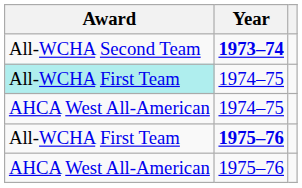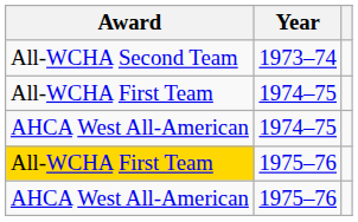 <table class="wikitable">
 <tr>
 <th>Award</th>
 <th>Year</th>
 <th></th>
 </tr>
 <tr>
 <td>All-<a href='#'>WCHA</a> <a href='#'>Second Team</a></td>
-<td><strong><a href='#'>1973–74</a></strong></td>
+<td><a href='#'>1973–74</a></td>
 <td></td>
 </tr>
 <tr>
-<td style="background: paleturquoise;">All-<a href='#'>WCHA</a> <a href='#'>First Team</a></td>
+<td>All-<a href='#'>WCHA</a> <a href='#'>First Team</a></td>
 <td><a href='#'>1974–75</a></td>
 <td></td>
 </tr>
 <tr>
 <td><a href='#'>AHCA</a> <a href='#'>West All-American</a></td>
 <td><a href='#'>1974–75</a></td>
 <td></td>
 </tr>
 <tr>
-<td>All-<a href='#'>WCHA</a> <a href='#'>First Team</a></td>
-<td><strong><a href='#'>1975–76</a></strong></td>
+<td style="background: gold;">All-<a href='#'>WCHA</a> <a href='#'>First Team</a></td>
+<td><a href='#'>1975–76</a></td>
 <td></td>
 </tr>
 <tr>
 <td><a href='#'>AHCA</a> <a href='#'>West All-American</a></td>
 <td><a href='#'>1975–76</a></td>
 <td></td>
 </tr>
 </table>
